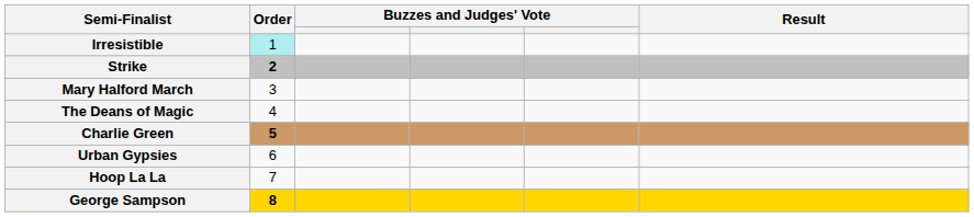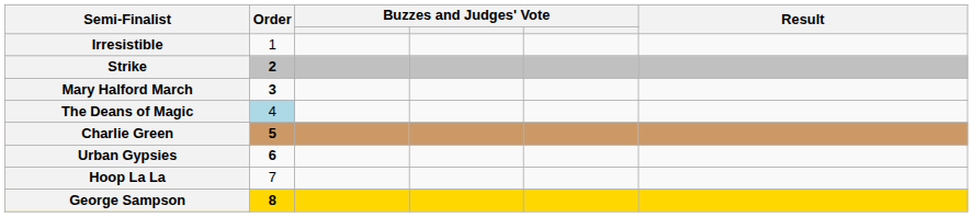 <table class="wikitable plainrowheaders sortable" style="text-align:center;">
 <tr>
 <th scope="col" rowspan="2" class="unsortable" style="width:17em;">Semi-Finalist</th>
 <th scope="col" rowspan="2" style="width:1em;">Order</th>
 <th scope="col" colspan="3" class="unsortable" style="width:24em;">Buzzes and Judges' Vote</th>
 <th scope="col" rowspan="2" style="width:23em;">Result</th>
 </tr>
 <tr>
 <th scope="col" class="unsortable" style="width:6em;"></th>
 <th scope="col" class="unsortable" style="width:6em;"></th>
 <th scope="col" class="unsortable" style="width:6em;"></th>
 </tr>
 <tr>
 <th scope="row">Irresistible</th>
-<td style="background: paleturquoise;">1</td>
+<td>1</td>
 <td style="text-align:center;"></td>
 <td style="text-align:center;"></td>
 <td style="text-align:center;"></td>
 <td></td>
 </tr>
 <tr bgcolor=silver>
 <th scope="row"><strong>Strike</strong></th>
 <td><strong>2</strong></td>
 <td style="text-align:center;"></td>
 <td style="text-align:center;"></td>
 <td style="text-align:center;"></td>
 <td><strong></strong></td>
 </tr>
 <tr>
 <th scope="row">Mary Halford March</th>
-<td>3</td>
+<td><strong>3</strong></td>
 <td style="text-align:center;"></td>
 <td style="text-align:center;"></td>
 <td style="text-align:center;"></td>
 <td></td>
 </tr>
 <tr>
 <th scope="row">The Deans of Magic</th>
-<td>4</td>
+<td style="background: lightblue;">4</td>
 <td style="text-align:center;"></td>
 <td style="text-align:center;"></td>
 <td style="text-align:center;"></td>
 <td></td>
 </tr>
 <tr bgcolor=#c96>
 <th scope="row"><strong>Charlie Green</strong></th>
 <td><strong>5</strong></td>
 <td style="text-align:center;"></td>
 <td style="text-align:center;"></td>
 <td style="text-align:center;"></td>
 <td><strong></strong></td>
 </tr>
 <tr>
 <th scope="row">Urban Gypsies</th>
-<td>6</td>
+<td><strong>6</strong></td>
 <td style="text-align:center;"></td>
 <td style="text-align:center;"></td>
 <td style="text-align:center;"></td>
 <td></td>
 </tr>
 <tr>
 <th scope="row">Hoop La La</th>
 <td>7</td>
 <td style="text-align:center;"></td>
 <td style="text-align:center;"></td>
 <td style="text-align:center;"></td>
 <td></td>
 </tr>
 <tr bgcolor=gold>
 <th scope="row"><strong>George Sampson</strong></th>
 <td><strong>8</strong></td>
 <td style="text-align:center;"></td>
 <td style="text-align:center;"></td>
 <td style="text-align:center;"></td>
 <td><strong></strong></td>
 </tr>
 </table>
